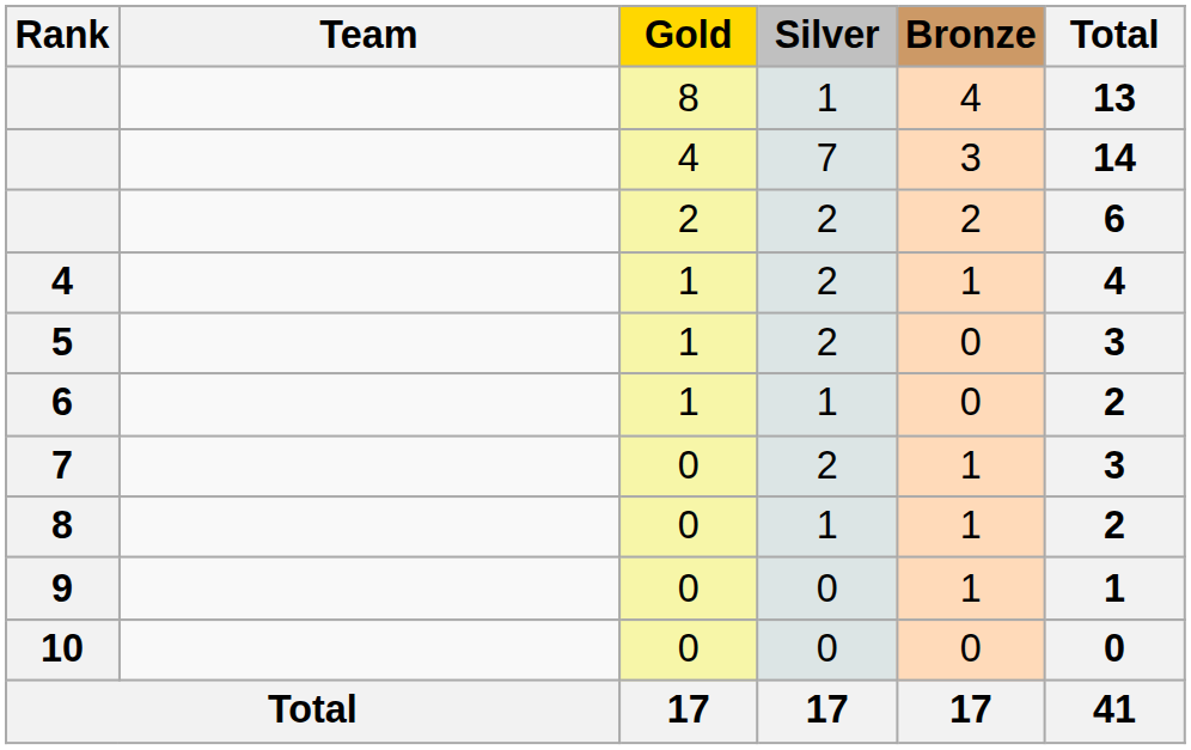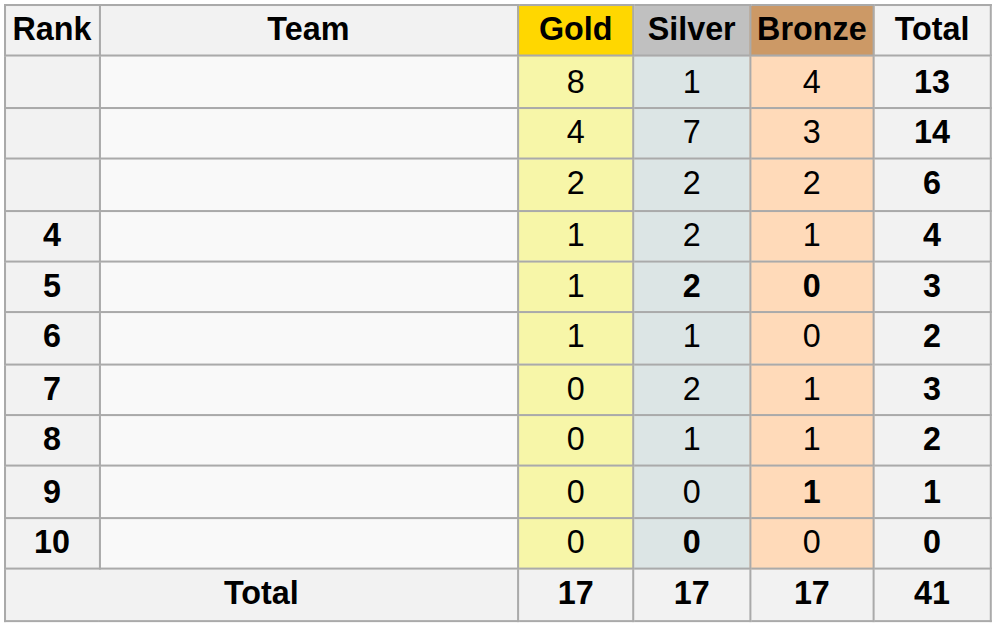 <table class="wikitable" style="text-align:center;">
 <tr>
 <th>Rank</th>
 <th width=200px>Team</th>
 <th style="background:gold;" width=50px align=center>Gold</th>
 <th style="background:silver;" width=50px align=center>Silver</th>
 <th style="background:#cc9966;" width=50px align=center>Bronze</th>
 <th width=50px align=center>Total</th>
 </tr>
 <tr>
 <th></th>
 <td align=left></td>
 <td bgcolor="#F7F6A8">8</td>
 <td bgcolor="#DCE5E5">1</td>
 <td bgcolor="#FFDAB9">4</td>
 <th>13</th>
 </tr>
 <tr>
 <th></th>
 <td align=left></td>
 <td bgcolor="#F7F6A8">4</td>
 <td bgcolor="#DCE5E5">7</td>
 <td bgcolor="#FFDAB9">3</td>
 <th>14</th>
 </tr>
 <tr>
 <th></th>
 <td align=left></td>
 <td bgcolor="#F7F6A8">2</td>
 <td bgcolor="#DCE5E5">2</td>
 <td bgcolor="#FFDAB9">2</td>
 <th>6</th>
 </tr>
 <tr>
 <th>4</th>
 <td align=left></td>
 <td bgcolor="#F7F6A8">1</td>
 <td bgcolor="#DCE5E5">2</td>
 <td bgcolor="#FFDAB9">1</td>
 <th>4</th>
 </tr>
 <tr>
 <th>5</th>
 <td align=left></td>
 <td bgcolor="#F7F6A8">1</td>
-<td bgcolor="#DCE5E5">2</td>
-<td bgcolor="#FFDAB9">0</td>
+<td bgcolor="#DCE5E5"><strong>2</strong></td>
+<td bgcolor="#FFDAB9"><strong>0</strong></td>
 <th>3</th>
 </tr>
 <tr>
 <th>6</th>
 <td align=left></td>
 <td bgcolor="#F7F6A8">1</td>
 <td bgcolor="#DCE5E5">1</td>
 <td bgcolor="#FFDAB9">0</td>
 <th>2</th>
 </tr>
 <tr>
 <th>7</th>
 <td align=left></td>
 <td bgcolor="#F7F6A8">0</td>
 <td bgcolor="#DCE5E5">2</td>
 <td bgcolor="#FFDAB9">1</td>
 <th>3</th>
 </tr>
 <tr>
 <th>8</th>
 <td align=left></td>
 <td bgcolor="#F7F6A8">0</td>
 <td bgcolor="#DCE5E5">1</td>
 <td bgcolor="#FFDAB9">1</td>
 <th>2</th>
 </tr>
 <tr>
 <th>9</th>
 <td align=left></td>
 <td bgcolor="#F7F6A8">0</td>
 <td bgcolor="#DCE5E5">0</td>
-<td bgcolor="#FFDAB9">1</td>
+<td bgcolor="#FFDAB9"><strong>1</strong></td>
 <th>1</th>
 </tr>
 <tr>
 <th>10</th>
 <td align=left></td>
 <td bgcolor="#F7F6A8">0</td>
-<td bgcolor="#DCE5E5">0</td>
+<td bgcolor="#DCE5E5"><strong>0</strong></td>
 <td bgcolor="#FFDAB9">0</td>
 <th>0</th>
 </tr>
 <tr>
 <th colspan=2>Total</th>
 <th>17</th>
 <th>17</th>
 <th>17</th>
 <th>41</th>
 </tr>
 </table>
